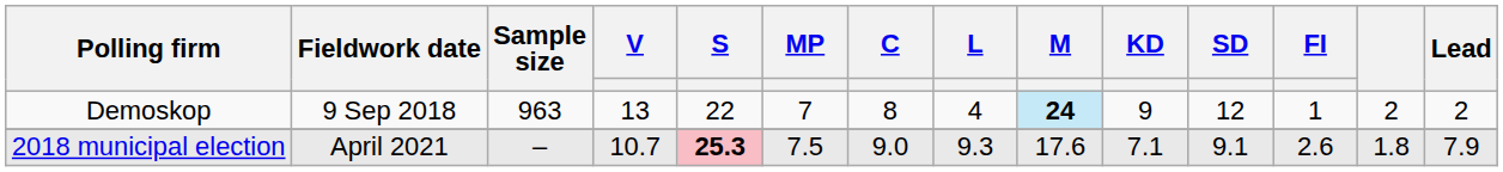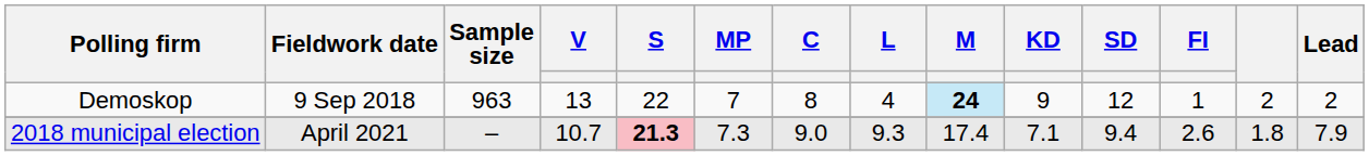 <table class="wikitable sortable" style="text-align:center;font-size:90%;line-height:14px;">
 <tr style="height:40px;">
 <th rowspan="2">Polling firm</th>
 <th rowspan="2">Fieldwork date</th>
 <th rowspan="2">Sample<br>size</th>
 <th class="sortable" style="width:40px;"><a href='#'>V</a></th>
 <th class="sortable" style="width:40px;"><a href='#'>S</a></th>
 <th class="sortable" style="width:40px;"><a href='#'>MP</a></th>
 <th class="sortable" style="width:40px;"><a href='#'>C</a></th>
 <th class="sortable" style="width:40px;"><a href='#'>L</a></th>
 <th class="sortable" style="width:40px;"><a href='#'>M</a></th>
 <th class="sortable" style="width:40px;"><a href='#'>KD</a></th>
 <th class="sortable" style="width:40px;"><a href='#'>SD</a></th>
 <th class="sortable" style="width:40px;"><a href='#'>FI</a></th>
 <th class="sortable" style="width:30px;" rowspan="2"></th>
 <th style="width:30px;" rowspan="2">Lead</th>
 </tr>
 <tr>
 <th style="background:"></th>
 <th style="background:"></th>
 <th style="background:"></th>
 <th style="background:"></th>
 <th style="background:"></th>
 <th style="background:"></th>
 <th style="background:"></th>
 <th style="background:"></th>
 <th style="background:"></th>
 </tr>
 <tr>
 <td>Demoskop</td>
 <td data-sort-value="2018-09-09">9 Sep 2018</td>
 <td>963</td>
 <td>13</td>
 <td>22</td>
 <td>7</td>
 <td>8</td>
 <td>4</td>
 <td style="background:#C6E9F7;"><strong>24</strong></td>
 <td>9</td>
 <td>12</td>
 <td>1</td>
 <td>2</td>
 <td style="background:">2</td>
 </tr>
 <tr>
 </tr>
 <tr style="background:#E9E9E9;">
 <td><a href='#'>2018 municipal election</a></td>
 <td>April 2021</td>
 <td>–</td>
 <td>10.7</td>
-<td style="background:#F9BDC5;"><strong>25.3</strong></td>
-<td>7.5</td>
+<td style="background:#F9BDC5;"><strong>21.3</strong></td>
+<td>7.3</td>
 <td>9.0</td>
 <td>9.3</td>
-<td>17.6</td>
+<td>17.4</td>
 <td>7.1</td>
-<td>9.1</td>
+<td>9.4</td>
 <td>2.6</td>
 <td>1.8</td>
 <td style="background:">7.9</td>
 </tr>
 </table>
